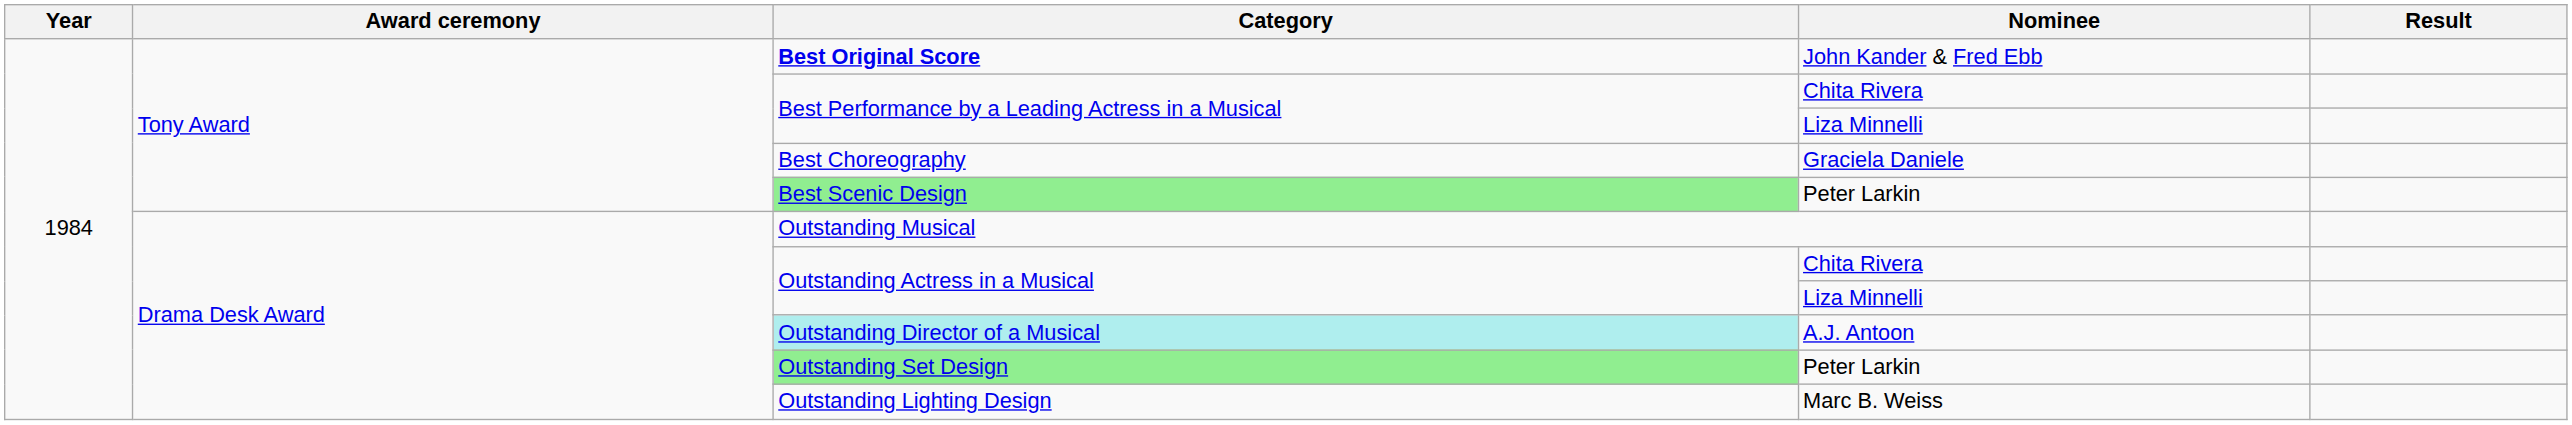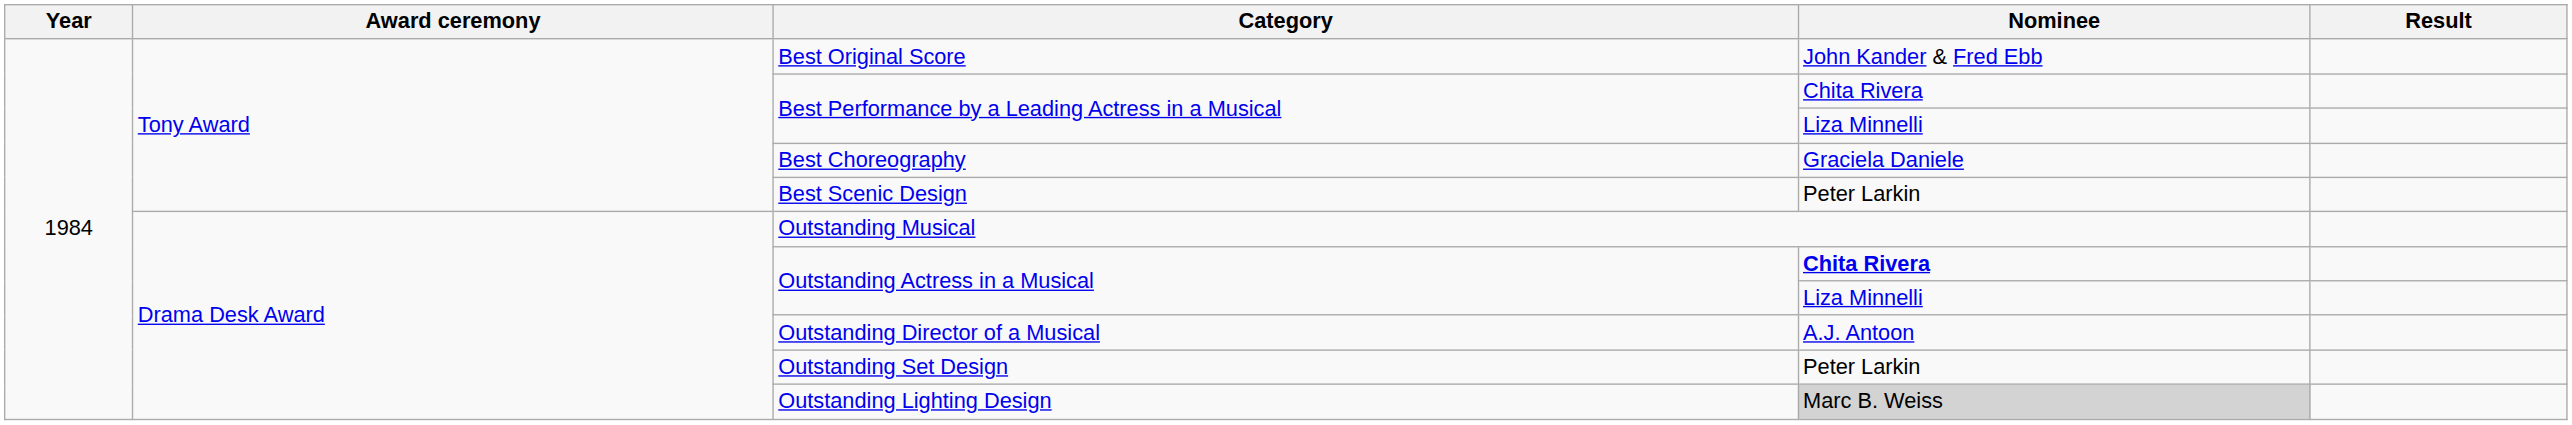 <table class="wikitable" width="95%">
 <tr>
 <th width="5%">Year</th>
 <th width="25%">Award ceremony</th>
 <th width="40%">Category</th>
 <th width="20%">Nominee</th>
 <th width="10%">Result</th>
 </tr>
 <tr>
 <td rowspan="11" align="center">1984</td>
 <td rowspan="5"><a href='#'>Tony Award</a></td>
-<td><strong><a href='#'>Best Original Score</a></strong></td>
+<td><a href='#'>Best Original Score</a></td>
 <td><a href='#'>John Kander</a> & <a href='#'>Fred Ebb</a></td>
 <td></td>
 </tr>
 <tr>
 <td rowspan="2"><a href='#'>Best Performance by a Leading Actress in a Musical</a></td>
 <td><a href='#'>Chita Rivera</a></td>
 <td></td>
 </tr>
 <tr>
 <td><a href='#'>Liza Minnelli</a></td>
 <td></td>
 </tr>
 <tr>
 <td><a href='#'>Best Choreography</a></td>
 <td><a href='#'>Graciela Daniele</a></td>
 <td></td>
 </tr>
 <tr>
-<td style="background: lightgreen;"><a href='#'>Best Scenic Design</a></td>
+<td><a href='#'>Best Scenic Design</a></td>
 <td>Peter Larkin</td>
 <td></td>
 </tr>
 <tr>
 <td rowspan="6"><a href='#'>Drama Desk Award</a></td>
 <td colspan="2"><a href='#'>Outstanding Musical</a></td>
 <td></td>
 </tr>
 <tr>
 <td rowspan="2"><a href='#'>Outstanding Actress in a Musical</a></td>
-<td><a href='#'>Chita Rivera</a></td>
+<td><strong><a href='#'>Chita Rivera</a></strong></td>
 <td></td>
 </tr>
 <tr>
 <td><a href='#'>Liza Minnelli</a></td>
 <td></td>
 </tr>
 <tr>
-<td style="background: paleturquoise;"><a href='#'>Outstanding Director of a Musical</a></td>
+<td><a href='#'>Outstanding Director of a Musical</a></td>
 <td><a href='#'>A.J. Antoon</a></td>
 <td></td>
 </tr>
 <tr>
-<td style="background: lightgreen;"><a href='#'>Outstanding Set Design</a></td>
+<td><a href='#'>Outstanding Set Design</a></td>
 <td>Peter Larkin</td>
 <td></td>
 </tr>
 <tr>
 <td><a href='#'>Outstanding Lighting Design</a></td>
-<td>Marc B. Weiss</td>
+<td style="background: lightgrey;">Marc B. Weiss</td>
 <td></td>
 </tr>
 </table>
